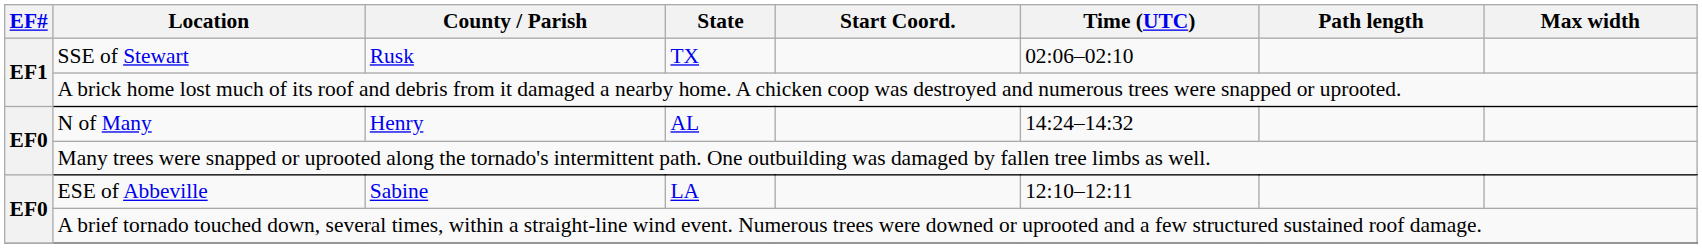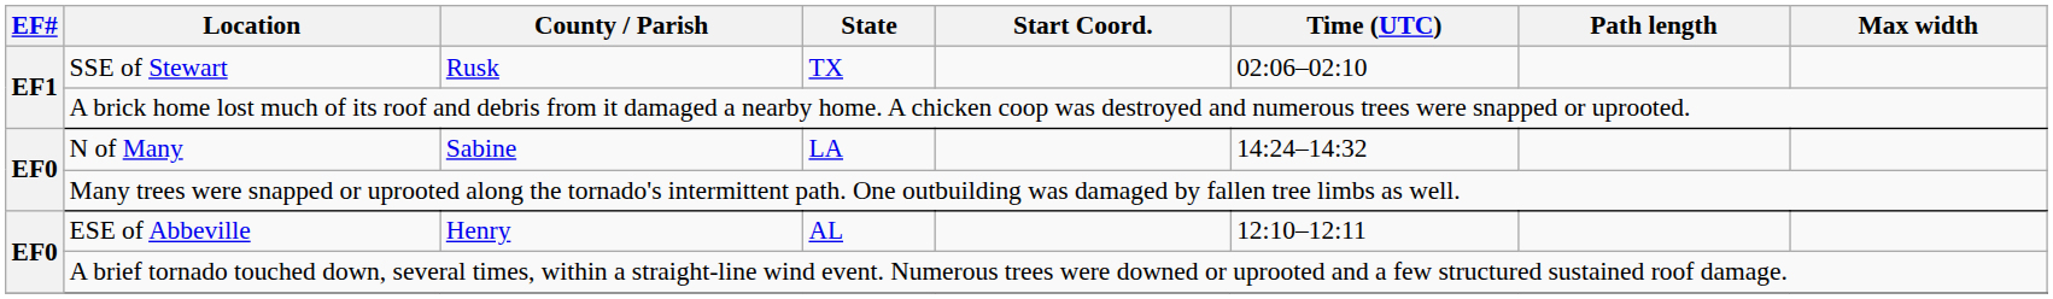 <table class="wikitable sortable" style="width:100%;">
 <tr>
 <th scope="col" width="2%" align="center"><a href='#'>EF#</a></th>
 <th scope="col" align="center" class="unsortable">Location</th>
 <th scope="col" align="center" class="unsortable">County / Parish</th>
 <th scope="col" align="center">State</th>
 <th scope="col" align="center">Start Coord.</th>
 <th scope="col" align="center">Time (<a href='#'>UTC</a>)</th>
 <th scope="col" align="center">Path length</th>
 <th scope="col" align="center">Max width</th>
 </tr>
 <tr>
 <th scope="row" rowspan="2" style="background-color:#">EF1</th>
 <td>SSE of <a href='#'>Stewart</a></td>
 <td><a href='#'>Rusk</a></td>
 <td><a href='#'>TX</a></td>
 <td></td>
 <td>02:06–02:10</td>
 <td></td>
 <td></td>
 </tr>
 <tr class="expand-child">
 <td colspan="8" style=" border-bottom: 1px solid black;">A brick home lost much of its roof and debris from it damaged a nearby home. A chicken coop was destroyed and numerous trees were snapped or uprooted.</td>
 </tr>
 <tr>
 <th scope="row" rowspan="2" style="background-color:#">EF0</th>
 <td>N of <a href='#'>Many</a></td>
-<td><a href='#'>Henry</a></td>
-<td><a href='#'>AL</a></td>
+<td><a href='#'>Sabine</a></td>
+<td><a href='#'>LA</a></td>
 <td></td>
 <td>14:24–14:32</td>
 <td></td>
 <td></td>
 </tr>
 <tr class="expand-child">
 <td colspan="8" style=" border-bottom: 1px solid black;">Many trees were snapped or uprooted along the tornado's intermittent path. One outbuilding was damaged by fallen tree limbs as well.</td>
 </tr>
 <tr>
 <th scope="row" rowspan="2" style="background-color:#">EF0</th>
 <td>ESE of <a href='#'>Abbeville</a></td>
-<td><a href='#'>Sabine</a></td>
-<td><a href='#'>LA</a></td>
+<td><a href='#'>Henry</a></td>
+<td><a href='#'>AL</a></td>
 <td></td>
 <td>12:10–12:11</td>
 <td></td>
 <td></td>
 </tr>
 <tr class="expand-child">
 <td colspan="8" style=" border-bottom: 1px solid black;">A brief tornado touched down, several times, within a straight-line wind event. Numerous trees were downed or uprooted and a few structured sustained roof damage.</td>
 </tr>
 <tr>
 </tr>
 </table>
